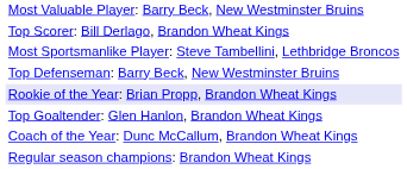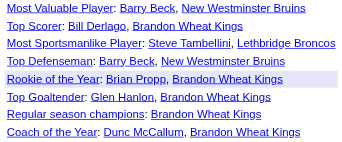 <table cellpadding="3" cellspacing="1">
 <tr>
 <td><a href='#'>Most Valuable Player</a>: <a href='#'>Barry Beck</a>, <a href='#'>New Westminster Bruins</a></td>
 </tr>
 <tr>
 <td><a href='#'>Top Scorer</a>: <a href='#'>Bill Derlago</a>, <a href='#'>Brandon Wheat Kings</a></td>
 </tr>
 <tr>
 <td><a href='#'>Most Sportsmanlike Player</a>: <a href='#'>Steve Tambellini</a>, <a href='#'>Lethbridge Broncos</a></td>
 </tr>
 <tr>
 <td><a href='#'>Top Defenseman</a>: <a href='#'>Barry Beck</a>, <a href='#'>New Westminster Bruins</a></td>
 </tr>
 <tr>
 <td style="background: lavender;"><a href='#'>Rookie of the Year</a>: <a href='#'>Brian Propp</a>, <a href='#'>Brandon Wheat Kings</a></td>
 </tr>
 <tr>
 <td><a href='#'>Top Goaltender</a>: <a href='#'>Glen Hanlon</a>, <a href='#'>Brandon Wheat Kings</a></td>
 </tr>
 <tr>
+<td><a href='#'>Regular season champions</a>: <a href='#'>Brandon Wheat Kings</a></td>
+</tr>
+<tr>
 <td><a href='#'>Coach of the Year</a>: <a href='#'>Dunc McCallum</a>, <a href='#'>Brandon Wheat Kings</a></td>
 </tr>
-<tr>
-<td><a href='#'>Regular season champions</a>: <a href='#'>Brandon Wheat Kings</a></td>
-</tr>
 </table>
